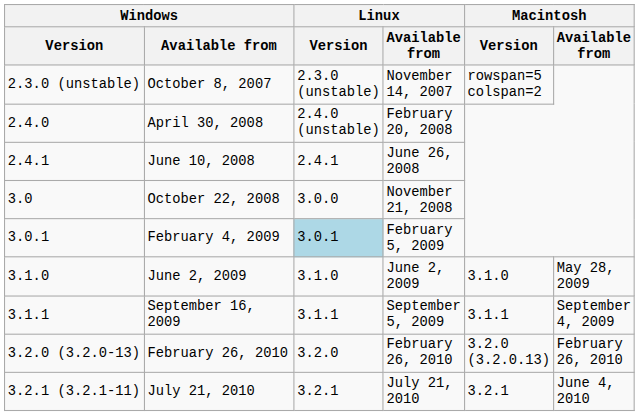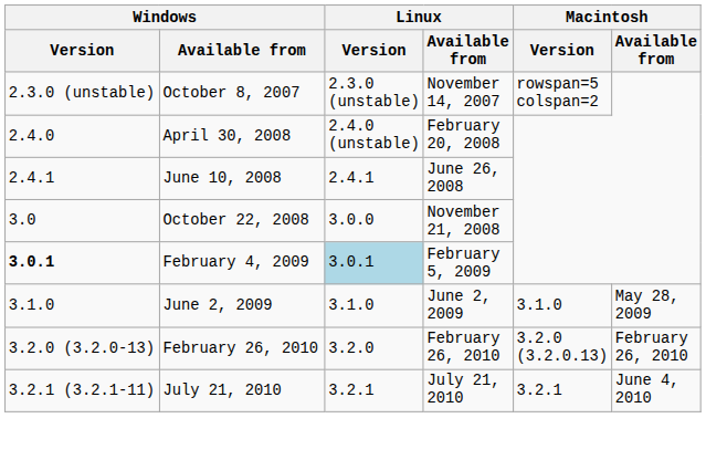 <table class="wikitable" style="width:30%">
 <tr>
 <th colspan=2>Windows</th>
 <th colspan=2>Linux</th>
 <th colspan=2>Macintosh</th>
 </tr>
 <tr>
 <th style="width:45%">Version</th>
 <th style="width:55%">Available from</th>
 <th style="width:45%">Version</th>
 <th style="width:55%">Available from</th>
 <th style="width:45%">Version</th>
 <th style="width:55%">Available from</th>
 </tr>
 <tr>
 <td>2.3.0 (unstable)</td>
 <td>October 8, 2007</td>
 <td>2.3.0 (unstable)</td>
 <td>November 14, 2007</td>
 <td>rowspan=5 colspan=2 </td>
 </tr>
 <tr>
 <td>2.4.0</td>
 <td>April 30, 2008</td>
 <td>2.4.0 (unstable)</td>
 <td>February 20, 2008</td>
 </tr>
 <tr>
 <td>2.4.1</td>
 <td>June 10, 2008</td>
 <td>2.4.1</td>
 <td>June 26, 2008</td>
 </tr>
 <tr>
 <td>3.0</td>
 <td>October 22, 2008</td>
 <td>3.0.0</td>
 <td>November 21, 2008</td>
 </tr>
 <tr>
-<td>3.0.1</td>
+<td><strong>3.0.1</strong></td>
 <td>February 4, 2009</td>
 <td style="background: lightblue;">3.0.1</td>
 <td>February 5, 2009</td>
 </tr>
 <tr>
 <td>3.1.0</td>
 <td>June 2, 2009</td>
 <td>3.1.0</td>
 <td>June 2, 2009</td>
 <td>3.1.0</td>
 <td>May 28, 2009</td>
-</tr>
-<tr>
-<td>3.1.1</td>
-<td>September 16, 2009</td>
-<td>3.1.1</td>
-<td>September 5, 2009</td>
-<td>3.1.1</td>
-<td>September 4, 2009</td>
 </tr>
 <tr>
 <td>3.2.0 (3.2.0-13)</td>
 <td>February 26, 2010</td>
 <td>3.2.0</td>
 <td>February 26, 2010</td>
 <td>3.2.0 (3.2.0.13)</td>
 <td>February 26, 2010</td>
 </tr>
 <tr>
 <td>3.2.1 (3.2.1-11)</td>
 <td>July 21, 2010</td>
 <td>3.2.1</td>
 <td>July 21, 2010</td>
 <td>3.2.1</td>
 <td>June 4, 2010</td>
 </tr>
 </table>
